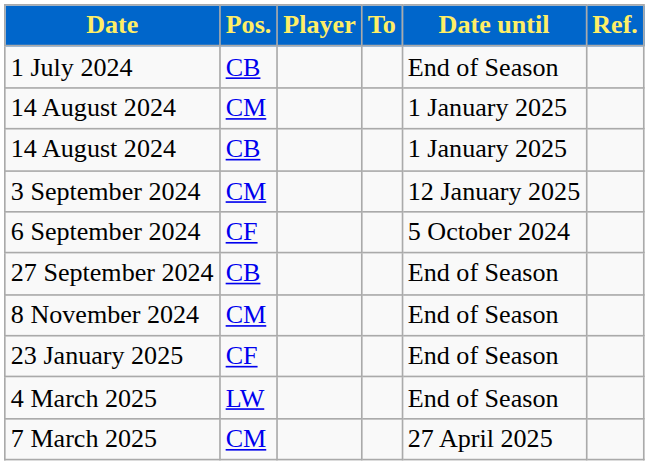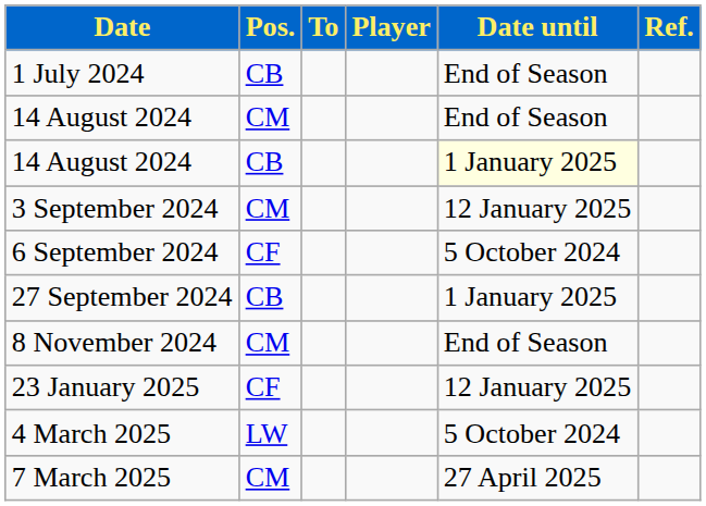 <table class="wikitable plainrowheaders sortable">
 <tr>
 <th style="background:#0066cb; color:#fe6; ">Date</th>
 <th style="background:#0066cb; color:#fe6; ">Pos.</th>
+<th style="background:#0066cb; color:#fe6; ">To</th>
 <th style="background:#0066cb; color:#fe6; ">Player</th>
-<th style="background:#0066cb; color:#fe6; ">To</th>
 <th style="background:#0066cb; color:#fe6; ">Date until</th>
 <th style="background:#0066cb; color:#fe6; ">Ref.</th>
 </tr>
 <tr>
 <td>1 July 2024</td>
 <td><a href='#'>CB</a></td>
 <td></td>
 <td></td>
 <td>End of Season</td>
 <td></td>
 </tr>
 <tr>
 <td>14 August 2024</td>
 <td><a href='#'>CM</a></td>
 <td></td>
 <td></td>
-<td>1 January 2025</td>
+<td>End of Season</td>
 <td></td>
 </tr>
 <tr>
 <td>14 August 2024</td>
 <td><a href='#'>CB</a></td>
 <td></td>
 <td></td>
-<td>1 January 2025</td>
+<td style="background: lightyellow;">1 January 2025</td>
 <td></td>
 </tr>
 <tr>
 <td>3 September 2024</td>
 <td><a href='#'>CM</a></td>
 <td></td>
 <td></td>
 <td>12 January 2025</td>
 <td></td>
 </tr>
 <tr>
 <td>6 September 2024</td>
 <td><a href='#'>CF</a></td>
 <td></td>
 <td></td>
 <td>5 October 2024</td>
 <td></td>
 </tr>
 <tr>
 <td>27 September 2024</td>
 <td><a href='#'>CB</a></td>
 <td></td>
 <td></td>
-<td>End of Season</td>
+<td>1 January 2025</td>
 <td></td>
 </tr>
 <tr>
 <td>8 November 2024</td>
 <td><a href='#'>CM</a></td>
 <td></td>
 <td></td>
 <td>End of Season</td>
 <td></td>
 </tr>
 <tr>
 <td>23 January 2025</td>
 <td><a href='#'>CF</a></td>
 <td></td>
 <td></td>
-<td>End of Season</td>
+<td>12 January 2025</td>
 <td></td>
 </tr>
 <tr>
 <td>4 March 2025</td>
 <td><a href='#'>LW</a></td>
 <td></td>
 <td></td>
-<td>End of Season</td>
+<td>5 October 2024</td>
 <td></td>
 </tr>
 <tr>
 <td>7 March 2025</td>
 <td><a href='#'>CM</a></td>
 <td></td>
 <td></td>
 <td>27 April 2025</td>
 <td></td>
 </tr>
 </table>
